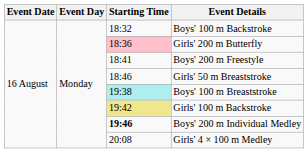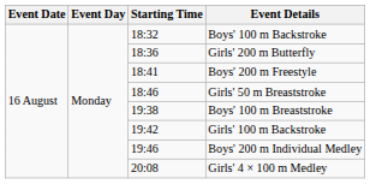 <table class="wikitable">
 <tr>
 <th>Event Date</th>
 <th>Event Day</th>
 <th>Starting Time</th>
 <th>Event Details</th>
 </tr>
 <tr>
 <td rowspan=8>16 August</td>
 <td rowspan=8>Monday</td>
 <td>18:32</td>
 <td>Boys' 100 m Backstroke</td>
 </tr>
 <tr>
-<td style="background: pink;">18:36</td>
+<td>18:36</td>
 <td>Girls' 200 m Butterfly</td>
 </tr>
 <tr>
 <td>18:41</td>
 <td>Boys' 200 m Freestyle</td>
 </tr>
 <tr>
 <td>18:46</td>
 <td>Girls' 50 m Breaststroke</td>
 </tr>
 <tr>
-<td style="background: paleturquoise;">19:38</td>
+<td>19:38</td>
 <td>Boys' 100 m Breaststroke</td>
 </tr>
 <tr>
-<td style="background: khaki;">19:42</td>
+<td>19:42</td>
 <td>Girls' 100 m Backstroke</td>
 </tr>
 <tr>
-<td><strong>19:46</strong></td>
+<td>19:46</td>
 <td>Boys' 200 m Individual Medley</td>
 </tr>
 <tr>
 <td>20:08</td>
 <td>Girls' 4 × 100 m Medley</td>
 </tr>
 </table>
